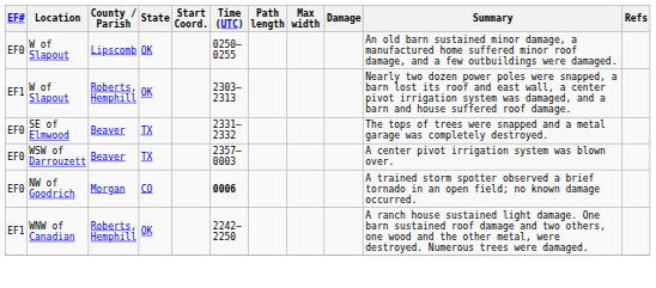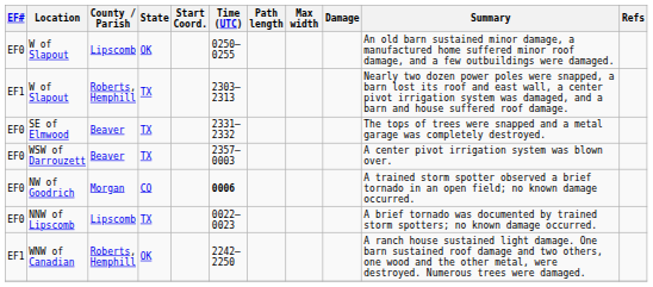 <table class="wikitable sortable" style="width:100%;">
 <tr>
 <th scope="col" width="3%" align="center"><a href='#'>EF#</a></th>
 <th scope="col" width="7%" align="center" class="unsortable">Location</th>
 <th scope="col" width="6%" align="center" class="unsortable">County / Parish</th>
 <th scope="col" width="5%" align="center">State</th>
 <th scope="col" width="6%" align="center">Start Coord.</th>
 <th scope="col" width="6%" align="center">Time (<a href='#'>UTC</a>)</th>
 <th scope="col" width="6%" align="center">Path length</th>
 <th scope="col" width="6%" align="center">Max width</th>
 <th scope="col" width="6%" align="center">Damage</th>
 <th scope="col" width="48%" class="unsortable" align="center">Summary</th>
 <th scope="col" width="48%" class="unsortable" align="center">Refs</th>
 </tr>
 <tr>
 <td>EF0</td>
 <td>W of <a href='#'>Slapout</a></td>
 <td><a href='#'>Lipscomb</a></td>
 <td><a href='#'>OK</a></td>
 <td></td>
 <td>0250–0255</td>
 <td></td>
 <td></td>
 <td></td>
 <td>An old barn sustained minor damage, a manufactured home suffered minor roof damage, and a few outbuildings were damaged.</td>
 <td></td>
 </tr>
 <tr>
 <td>EF1</td>
 <td>W of <a href='#'>Slapout</a></td>
 <td><a href='#'>Roberts</a>, <a href='#'>Hemphill</a></td>
-<td><a href='#'>OK</a></td>
+<td><a href='#'>TX</a></td>
 <td></td>
 <td>2303–2313</td>
 <td></td>
 <td></td>
 <td></td>
 <td>Nearly two dozen power poles were snapped, a barn lost its roof and east wall, a center pivot irrigation system was damaged, and a barn and house suffered roof damage.</td>
 <td></td>
 </tr>
 <tr>
 <td>EF0</td>
 <td>SE of <a href='#'>Elmwood</a></td>
 <td><a href='#'>Beaver</a></td>
 <td><a href='#'>TX</a></td>
 <td></td>
 <td>2331–2332</td>
 <td></td>
 <td></td>
 <td></td>
 <td>The tops of trees were snapped and a metal garage was completely destroyed.</td>
 <td></td>
 </tr>
 <tr>
 <td>EF0</td>
 <td>WSW of <a href='#'>Darrouzett</a></td>
 <td><a href='#'>Beaver</a></td>
 <td><a href='#'>TX</a></td>
 <td></td>
 <td>2357–0003</td>
 <td></td>
 <td></td>
 <td></td>
 <td>A center pivot irrigation system was blown over.</td>
 <td></td>
 </tr>
 <tr>
 <td>EF0</td>
 <td>NW of <a href='#'>Goodrich</a></td>
 <td><a href='#'>Morgan</a></td>
 <td><a href='#'>CO</a></td>
 <td></td>
 <td><strong>0006</strong></td>
 <td></td>
 <td></td>
 <td></td>
 <td>A trained storm spotter observed a brief tornado in an open field; no known damage occurred.</td>
 <td></td>
 </tr>
 <tr>
+<td>EF0</td>
+<td>NNW of <a href='#'>Lipscomb</a></td>
+<td><a href='#'>Lipscomb</a></td>
+<td><a href='#'>TX</a></td>
+<td></td>
+<td>0022–0023</td>
+<td></td>
+<td></td>
+<td></td>
+<td>A brief tornado was documented by trained storm spotters; no known damage occurred.</td>
+<td></td>
+</tr>
+<tr>
 <td>EF1</td>
 <td>WNW of <a href='#'>Canadian</a></td>
 <td><a href='#'>Roberts</a>, <a href='#'>Hemphill</a></td>
 <td><a href='#'>OK</a></td>
 <td></td>
 <td>2242–2250</td>
 <td></td>
 <td></td>
 <td></td>
 <td>A ranch house sustained light damage. One barn sustained roof damage and two others, one wood and the other metal, were destroyed. Numerous trees were damaged.</td>
 <td></td>
 </tr>
 <tr>
 </tr>
 </table>
